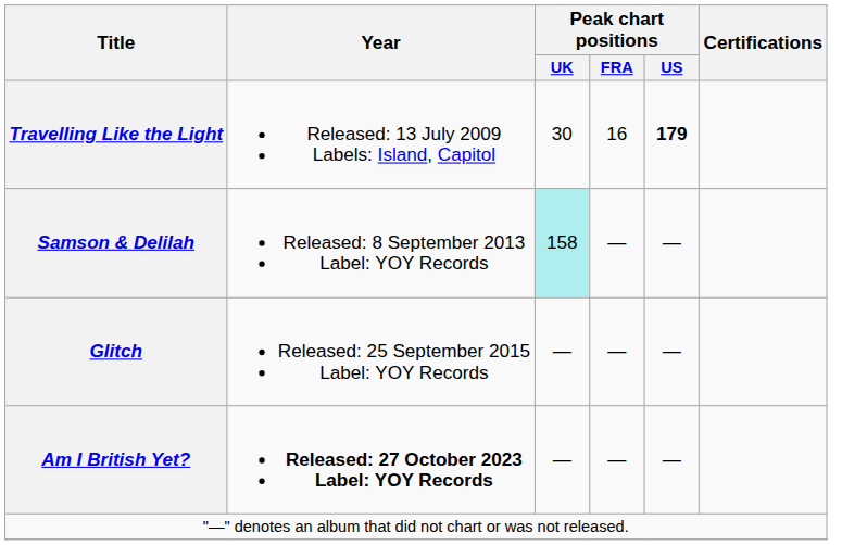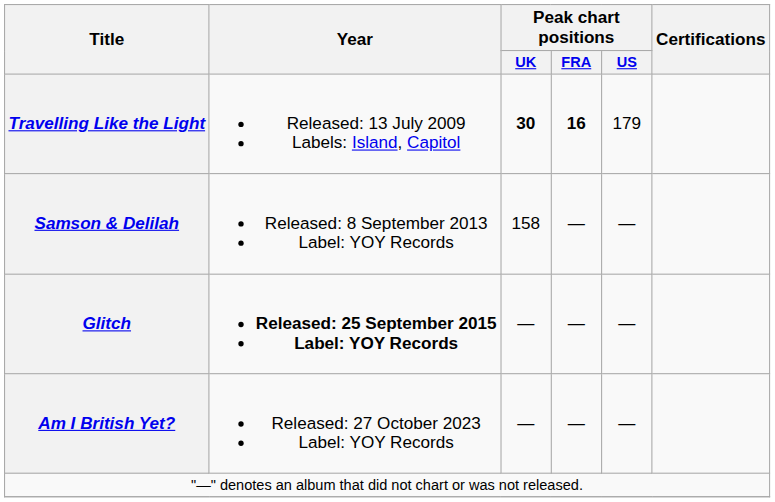 <table class="wikitable plainrowheaders" style="text-align:center;">
 <tr>
 <th scope="col" rowspan="2">Title</th>
 <th scope="col" rowspan="2">Year</th>
 <th scope="col" colspan="3">Peak chart positions</th>
 <th scope="col" rowspan="2">Certifications</th>
 </tr>
 <tr>
 <th scope="col" style="width:3em;font-size:85%;"><a href='#'>UK</a><br></th>
 <th scope="col" style="width:3em;font-size:85%;"><a href='#'>FRA</a><br></th>
 <th scope="col" style="width:3em;font-size:85%;"><a href='#'>US</a><br></th>
 </tr>
 <tr>
 <th scope="row"><em><a href='#'>Travelling Like the Light</a></em></th>
 <td><br><ul><li>Released: 13 July 2009</li><li>Labels: <a href='#'>Island</a>, <a href='#'>Capitol</a></li></ul></td>
-<td>30</td>
-<td>16</td>
-<td><strong>179</strong></td>
+<td><strong>30</strong></td>
+<td><strong>16</strong></td>
+<td>179</td>
 <td></td>
 </tr>
 <tr>
 <th scope="row"><em><a href='#'>Samson & Delilah</a></em></th>
 <td><br><ul><li>Released: 8 September 2013</li><li>Label: YOY Records</li></ul></td>
-<td style="background: paleturquoise;">158</td>
+<td>158</td>
 <td>—</td>
 <td>—</td>
 <td></td>
 </tr>
 <tr>
 <th scope="row"><em><a href='#'>Glitch</a></em></th>
-<td><br><ul><li>Released: 25 September 2015</li><li>Label: YOY Records</li></ul></td>
+<td><strong><br><ul><li>Released: 25 September 2015</li><li>Label: YOY Records</li></ul></strong></td>
 <td>—</td>
 <td>—</td>
 <td>—</td>
 <td></td>
 </tr>
 <tr>
 <th scope="row"><em><a href='#'>Am I British Yet?</a></em></th>
-<td><strong><br><ul><li>Released: 27 October 2023</li><li>Label: YOY Records</li></ul></strong></td>
+<td><br><ul><li>Released: 27 October 2023</li><li>Label: YOY Records</li></ul></td>
 <td>—</td>
 <td>—</td>
 <td>—</td>
 <td></td>
 </tr>
 <tr>
 <td colspan="18" style="font-size:85%">"—" denotes an album that did not chart or was not released.</td>
 </tr>
 <tr>
 </tr>
 </table>
